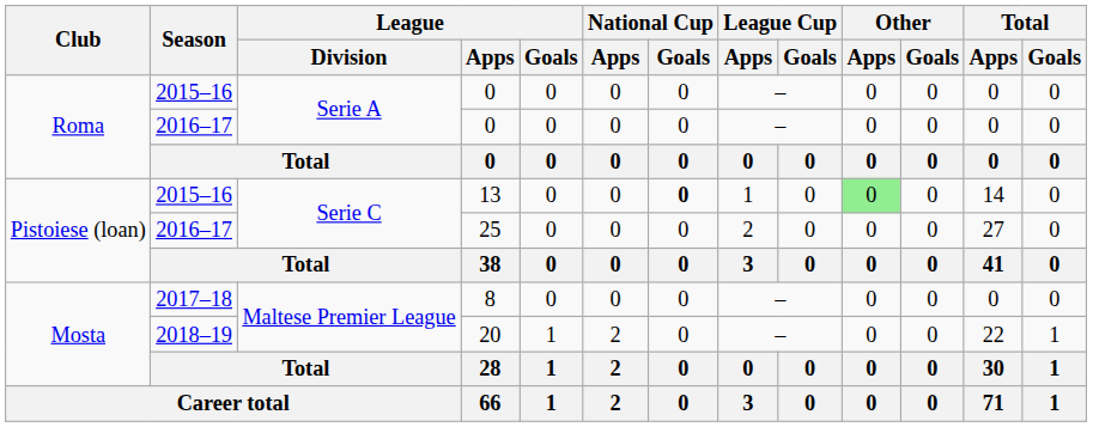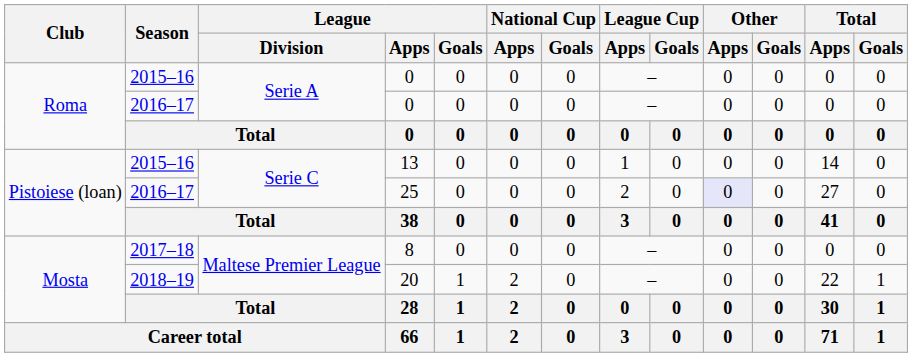 <table class="wikitable" style="text-align: center">
 <tr>
 <th rowspan="2">Club</th>
 <th rowspan="2">Season</th>
 <th colspan="3">League</th>
 <th colspan="2">National Cup</th>
 <th colspan="2">League Cup</th>
 <th colspan="2">Other</th>
 <th colspan="2">Total</th>
 </tr>
 <tr>
 <th>Division</th>
 <th>Apps</th>
 <th>Goals</th>
 <th>Apps</th>
 <th>Goals</th>
 <th>Apps</th>
 <th>Goals</th>
 <th>Apps</th>
 <th>Goals</th>
 <th>Apps</th>
 <th>Goals</th>
 </tr>
 <tr>
 <td rowspan="3"><a href='#'>Roma</a></td>
 <td><a href='#'>2015–16</a></td>
 <td rowspan="2"><a href='#'>Serie A</a></td>
 <td>0</td>
 <td>0</td>
 <td>0</td>
 <td>0</td>
 <td colspan="2">–</td>
 <td>0</td>
 <td>0</td>
 <td>0</td>
 <td>0</td>
 </tr>
 <tr>
 <td><a href='#'>2016–17</a></td>
 <td>0</td>
 <td>0</td>
 <td>0</td>
 <td>0</td>
 <td colspan="2">–</td>
 <td>0</td>
 <td>0</td>
 <td>0</td>
 <td>0</td>
 </tr>
 <tr>
 <th colspan="2">Total</th>
 <th>0</th>
 <th>0</th>
 <th>0</th>
 <th>0</th>
 <th>0</th>
 <th>0</th>
 <th>0</th>
 <th>0</th>
 <th>0</th>
 <th>0</th>
 </tr>
 <tr>
 <td rowspan="3"><a href='#'>Pistoiese</a> (loan)</td>
 <td><a href='#'>2015–16</a></td>
 <td rowspan="2"><a href='#'>Serie C</a></td>
 <td>13</td>
 <td>0</td>
 <td>0</td>
-<td><strong>0</strong></td>
+<td>0</td>
 <td>1</td>
 <td>0</td>
-<td style="background: lightgreen;">0</td>
+<td>0</td>
 <td>0</td>
 <td>14</td>
 <td>0</td>
 </tr>
 <tr>
 <td><a href='#'>2016–17</a></td>
 <td>25</td>
 <td>0</td>
 <td>0</td>
 <td>0</td>
 <td>2</td>
 <td>0</td>
-<td>0</td>
+<td style="background: lavender;">0</td>
 <td>0</td>
 <td>27</td>
 <td>0</td>
 </tr>
 <tr>
 <th colspan="2">Total</th>
 <th>38</th>
 <th>0</th>
 <th>0</th>
 <th>0</th>
 <th>3</th>
 <th>0</th>
 <th>0</th>
 <th>0</th>
 <th>41</th>
 <th>0</th>
 </tr>
 <tr>
 <td rowspan="3"><a href='#'>Mosta</a></td>
 <td><a href='#'>2017–18</a></td>
 <td rowspan="2"><a href='#'>Maltese Premier League</a></td>
 <td>8</td>
 <td>0</td>
 <td>0</td>
 <td>0</td>
 <td colspan="2">–</td>
 <td>0</td>
 <td>0</td>
 <td>0</td>
 <td>0</td>
 </tr>
 <tr>
 <td><a href='#'>2018–19</a></td>
 <td>20</td>
 <td>1</td>
 <td>2</td>
 <td>0</td>
 <td colspan="2">–</td>
 <td>0</td>
 <td>0</td>
 <td>22</td>
 <td>1</td>
 </tr>
 <tr>
 <th colspan="2">Total</th>
 <th>28</th>
 <th>1</th>
 <th>2</th>
 <th>0</th>
 <th>0</th>
 <th>0</th>
 <th>0</th>
 <th>0</th>
 <th>30</th>
 <th>1</th>
 </tr>
 <tr>
 <th colspan="3">Career total</th>
 <th>66</th>
 <th>1</th>
 <th>2</th>
 <th>0</th>
 <th>3</th>
 <th>0</th>
 <th>0</th>
 <th>0</th>
 <th>71</th>
 <th>1</th>
 </tr>
 </table>
